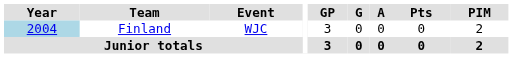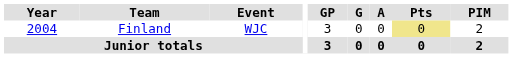 <table border="0" cellpadding="1" cellspacing="0" ID="Table3" style="text-align:center; width:40em">
 <tr ALIGN="center" bgcolor="#e0e0e0">
 <th>Year</th>
 <th>Team</th>
 <th>Event</th>
 <th rowspan="99" bgcolor="#ffffff"></th>
 <th>GP</th>
 <th>G</th>
 <th>A</th>
 <th>Pts</th>
 <th>PIM</th>
 </tr>
 <tr>
-<td style="background: lightblue;"><a href='#'>2004</a></td>
+<td><a href='#'>2004</a></td>
 <td><a href='#'>Finland</a></td>
 <td><a href='#'>WJC</a></td>
 <td>3</td>
 <td>0</td>
 <td>0</td>
-<td>0</td>
+<td style="background: khaki;">0</td>
 <td>2</td>
 </tr>
 <tr bgcolor="#e0e0e0">
 <th colspan=3>Junior totals</th>
 <th>3</th>
 <th>0</th>
 <th>0</th>
 <th>0</th>
 <th>2</th>
 </tr>
 </table>
